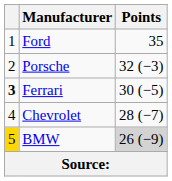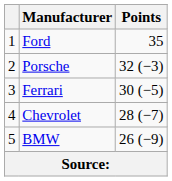 <table class="wikitable" style="font-size: 95%;">
 <tr>
 <th scope="col"></th>
 <th scope="col">Manufacturer</th>
 <th scope="col">Points</th>
 </tr>
 <tr>
 <td align=center>1</td>
 <td> <a href='#'>Ford</a></td>
 <td align=right>35</td>
 </tr>
 <tr>
 <td align=center>2</td>
 <td> <a href='#'>Porsche</a></td>
 <td align=right>32 (−3)</td>
 </tr>
 <tr>
-<td align=center><strong>3</strong></td>
+<td align=center>3</td>
 <td> <a href='#'>Ferrari</a></td>
 <td align=right>30 (−5)</td>
 </tr>
 <tr>
 <td align=center>4</td>
 <td> <a href='#'>Chevrolet</a></td>
 <td align=right>28 (−7)</td>
 </tr>
 <tr>
-<td align=center style="background: gold;">5</td>
+<td align=center>5</td>
 <td> <a href='#'>BMW</a></td>
-<td align=right style="background: lightgrey;">26 (−9)</td>
+<td align=right>26 (−9)</td>
 </tr>
 <tr>
 <th colspan=4>Source:</th>
 </tr>
 </table>
